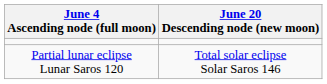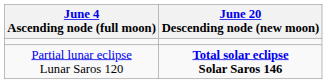 <table class="wikitable">
 <tr>
 <th><a href='#'>June 4</a><br>Ascending node (full moon)<br></th>
 <th><a href='#'>June 20</a><br>Descending node (new moon)<br></th>
 </tr>
 <tr>
 <td></td>
 <td></td>
 </tr>
 <tr align=center>
 <td><a href='#'>Partial lunar eclipse</a><br>Lunar Saros 120</td>
-<td><a href='#'>Total solar eclipse</a><br>Solar Saros 146</td>
+<td><strong><a href='#'>Total solar eclipse</a><br>Solar Saros 146</strong></td>
 </tr>
 </table>
